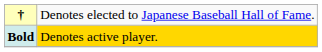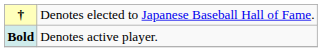 <table class="wikitable">
 <tr>
 <th scope="row" style="background: #ffffbb">†</th>
 <td>Denotes elected to <a href='#'>Japanese Baseball Hall of Fame</a>.</td>
 </tr>
 <tr>
 <th scope="row" style="background: #cfecec;"><strong>Bold</strong></th>
-<td style="background: gold;">Denotes active player.<br></td>
+<td>Denotes active player.<br></td>
 </tr>
 <tr>
 </tr>
 </table>
